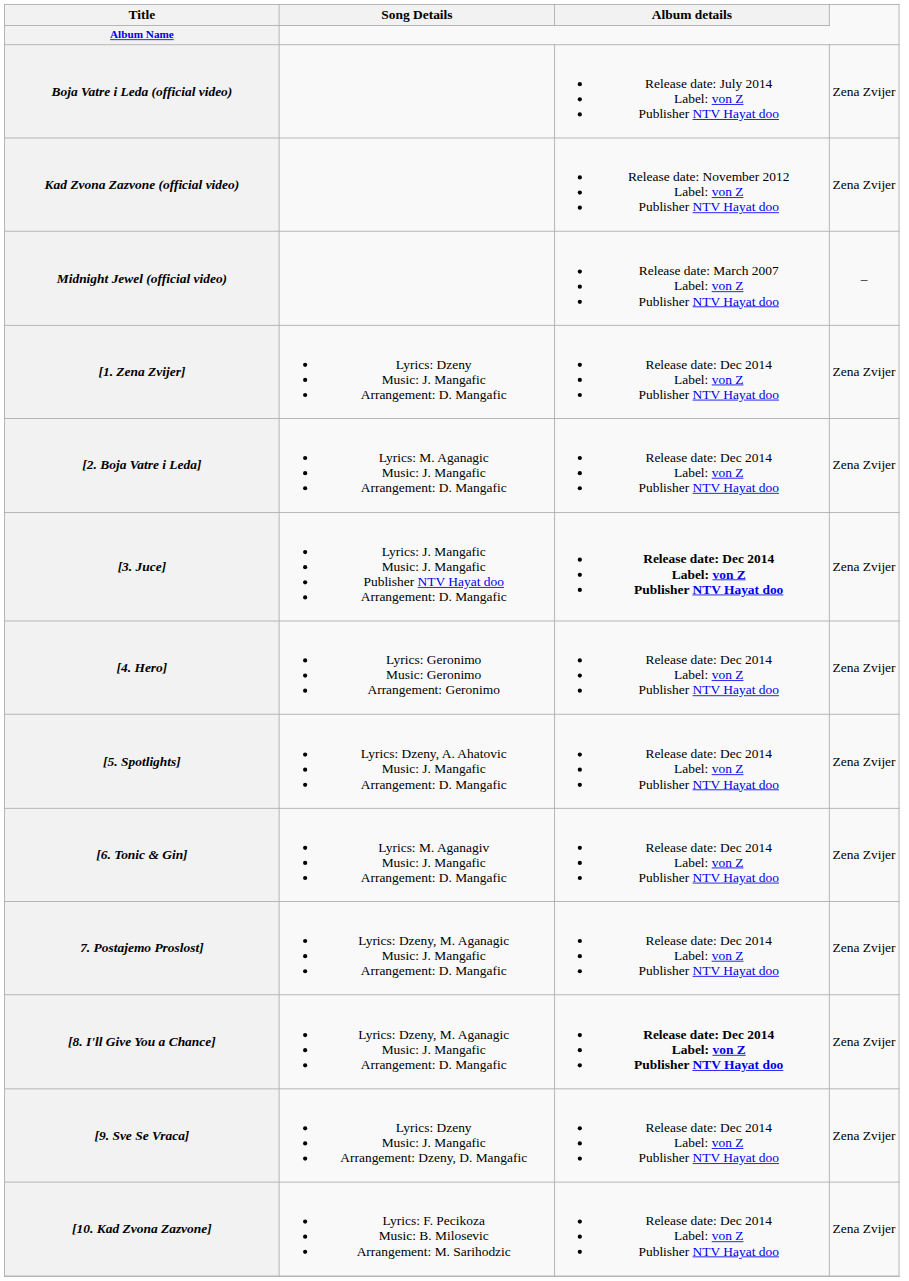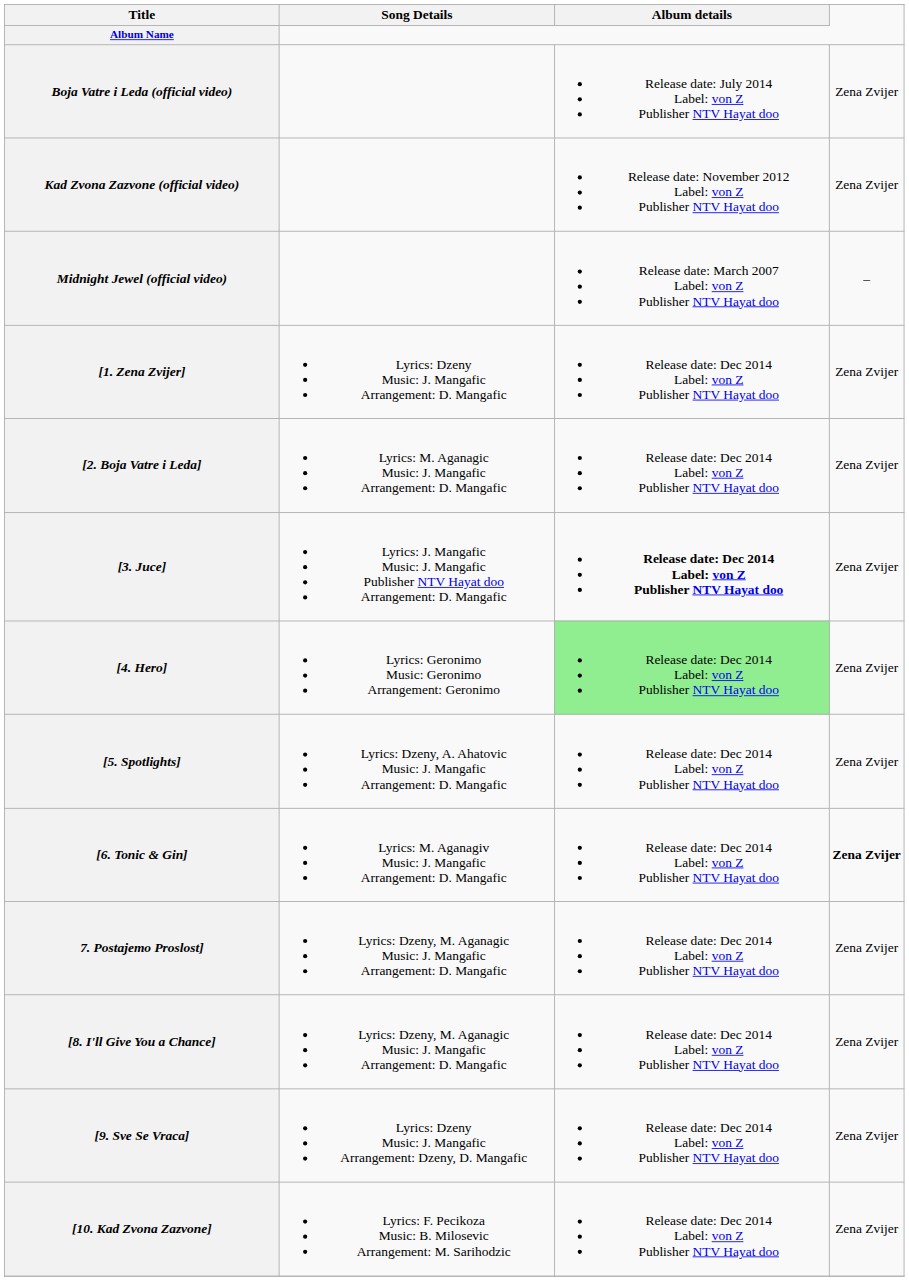 <table class="wikitable plainrowheaders" style="text-align:center;">
 <tr>
 <th rowspan="2" style="width:20em;">Title</th>
 <th rowspan="2" style="width:20em;">Song Details</th>
 <th rowspan="2" style="width:20em;">Album details</th>
 </tr>
 <tr>
 </tr>
 <tr style="font-size:smaller;">
 <th width="80"><a href='#'>Album Name</a><br></th>
 </tr>
 <tr>
 <th scope="row"><em>Boja Vatre i Leda (official video)</em></th>
 <td></td>
 <td><br><ul><li>Release date: July 2014</li><li>Label: <a href='#'>von Z</a></li><li>Publisher <a href='#'>NTV Hayat doo</a></li></ul></td>
 <td>Zena Zvijer</td>
 </tr>
 <tr>
 <th scope="row"><em>Kad Zvona Zazvone (official video)</em></th>
 <td></td>
 <td><br><ul><li>Release date: November 2012</li><li>Label: <a href='#'>von Z</a></li><li>Publisher <a href='#'>NTV Hayat doo</a></li></ul></td>
 <td>Zena Zvijer</td>
 </tr>
 <tr>
 <th scope="row"><em>Midnight Jewel (official video)</em></th>
 <td></td>
 <td><br><ul><li>Release date: March 2007</li><li>Label: <a href='#'>von Z</a></li><li>Publisher <a href='#'>NTV Hayat doo</a></li></ul></td>
 <td>–</td>
 </tr>
 <tr>
 <th scope="row"><em>[1. Zena Zvijer]</em></th>
 <td><br><ul><li>Lyrics: Dzeny</li><li>Music: J. Mangafic</li><li>Arrangement: D. Mangafic</li></ul></td>
 <td><br><ul><li>Release date: Dec 2014</li><li>Label: <a href='#'>von Z</a></li><li>Publisher <a href='#'>NTV Hayat doo</a></li></ul></td>
 <td>Zena Zvijer</td>
 </tr>
 <tr>
 <th scope="row"><em>[2. Boja Vatre i Leda]</em></th>
 <td><br><ul><li>Lyrics: M. Aganagic</li><li>Music: J. Mangafic</li><li>Arrangement: D. Mangafic</li></ul></td>
 <td><br><ul><li>Release date: Dec 2014</li><li>Label: <a href='#'>von Z</a></li><li>Publisher <a href='#'>NTV Hayat doo</a></li></ul></td>
 <td>Zena Zvijer</td>
 </tr>
 <tr>
 <th scope="row"><em>[3. Juce]</em></th>
 <td><br><ul><li>Lyrics: J. Mangafic</li><li>Music: J. Mangafic</li><li>Publisher <a href='#'>NTV Hayat doo</a></li><li>Arrangement: D. Mangafic</li></ul></td>
 <td><strong><br><ul><li>Release date: Dec 2014</li><li>Label: <a href='#'>von Z</a></li><li>Publisher <a href='#'>NTV Hayat doo</a></li></ul></strong></td>
 <td>Zena Zvijer</td>
 </tr>
 <tr>
 <th scope="row"><em>[4. Hero]</em></th>
 <td><br><ul><li>Lyrics: Geronimo</li><li>Music: Geronimo</li><li>Arrangement: Geronimo</li></ul></td>
-<td><br><ul><li>Release date: Dec 2014</li><li>Label: <a href='#'>von Z</a></li><li>Publisher <a href='#'>NTV Hayat doo</a></li></ul></td>
+<td style="background: lightgreen;"><br><ul><li>Release date: Dec 2014</li><li>Label: <a href='#'>von Z</a></li><li>Publisher <a href='#'>NTV Hayat doo</a></li></ul></td>
 <td>Zena Zvijer</td>
 </tr>
 <tr>
 <th scope="row"><em>[5. Spotlights]</em></th>
 <td><br><ul><li>Lyrics: Dzeny, A. Ahatovic</li><li>Music: J. Mangafic</li><li>Arrangement: D. Mangafic</li></ul></td>
 <td><br><ul><li>Release date: Dec 2014</li><li>Label: <a href='#'>von Z</a></li><li>Publisher <a href='#'>NTV Hayat doo</a></li></ul></td>
 <td>Zena Zvijer</td>
 </tr>
 <tr>
 <th scope="row"><em>[6. Tonic & Gin]</em></th>
 <td><br><ul><li>Lyrics: M. Aganagiv</li><li>Music: J. Mangafic</li><li>Arrangement: D. Mangafic</li></ul></td>
 <td><br><ul><li>Release date: Dec 2014</li><li>Label: <a href='#'>von Z</a></li><li>Publisher <a href='#'>NTV Hayat doo</a></li></ul></td>
-<td>Zena Zvijer</td>
+<td><strong>Zena Zvijer</strong></td>
 </tr>
 <tr>
 <th scope="row"><em>7. Postajemo Proslost]</em></th>
 <td><br><ul><li>Lyrics: Dzeny, M. Aganagic</li><li>Music: J. Mangafic</li><li>Arrangement: D. Mangafic</li></ul></td>
 <td><br><ul><li>Release date: Dec 2014</li><li>Label: <a href='#'>von Z</a></li><li>Publisher <a href='#'>NTV Hayat doo</a></li></ul></td>
 <td>Zena Zvijer</td>
 </tr>
 <tr>
 <th scope="row"><em>[8. I'll Give You a Chance]</em></th>
 <td><br><ul><li>Lyrics: Dzeny, M. Aganagic</li><li>Music: J. Mangafic</li><li>Arrangement: D. Mangafic</li></ul></td>
-<td><strong><br><ul><li>Release date: Dec 2014</li><li>Label: <a href='#'>von Z</a></li><li>Publisher <a href='#'>NTV Hayat doo</a></li></ul></strong></td>
+<td><br><ul><li>Release date: Dec 2014</li><li>Label: <a href='#'>von Z</a></li><li>Publisher <a href='#'>NTV Hayat doo</a></li></ul></td>
 <td>Zena Zvijer</td>
 </tr>
 <tr>
 <th scope="row"><em>[9. Sve Se Vraca]</em></th>
 <td><br><ul><li>Lyrics: Dzeny</li><li>Music: J. Mangafic</li><li>Arrangement: Dzeny, D. Mangafic</li></ul></td>
 <td><br><ul><li>Release date: Dec 2014</li><li>Label: <a href='#'>von Z</a></li><li>Publisher <a href='#'>NTV Hayat doo</a></li></ul></td>
 <td>Zena Zvijer</td>
 </tr>
 <tr>
 <th scope="row"><em>[10. Kad Zvona Zazvone]</em></th>
 <td><br><ul><li>Lyrics: F. Pecikoza</li><li>Music: B. Milosevic</li><li>Arrangement: M. Sarihodzic</li></ul></td>
 <td><br><ul><li>Release date: Dec 2014</li><li>Label: <a href='#'>von Z</a></li><li>Publisher <a href='#'>NTV Hayat doo</a></li></ul></td>
 <td>Zena Zvijer</td>
 </tr>
 <tr>
 </tr>
 </table>
